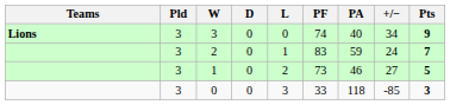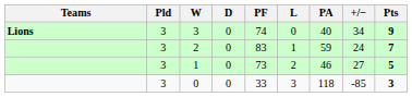 <table class="wikitable" style="text-align: center;">
 <tr>
 <th style="width:200px;">Teams</th>
 <th width="40">Pld</th>
 <th width="40">W</th>
 <th width="40">D</th>
+<th width="40">PF</th>
 <th width="40">L</th>
-<th width="40">PF</th>
 <th width="40">PA</th>
 <th width="40">+/−</th>
 <th width="40">Pts</th>
 </tr>
 <tr bgcolor=ccffcc>
 <td align=left><strong> Lions</strong></td>
 <td>3</td>
 <td>3</td>
 <td>0</td>
+<td>74</td>
 <td>0</td>
-<td>74</td>
 <td>40</td>
 <td>34</td>
 <td><strong>9</strong></td>
 </tr>
 <tr bgcolor=ccffcc>
 <td align=left><strong></strong></td>
 <td>3</td>
 <td>2</td>
 <td>0</td>
+<td>83</td>
 <td>1</td>
-<td>83</td>
 <td>59</td>
 <td>24</td>
 <td><strong>7</strong></td>
 </tr>
 <tr bgcolor=ccffcc>
 <td align=left></td>
 <td>3</td>
 <td>1</td>
 <td>0</td>
+<td>73</td>
 <td>2</td>
-<td>73</td>
 <td>46</td>
 <td>27</td>
 <td><strong>5</strong></td>
 </tr>
 <tr>
 <td align=left></td>
 <td>3</td>
 <td>0</td>
 <td>0</td>
+<td>33</td>
 <td>3</td>
-<td>33</td>
 <td>118</td>
 <td>-85</td>
 <td><strong>3</strong></td>
 </tr>
 </table>
